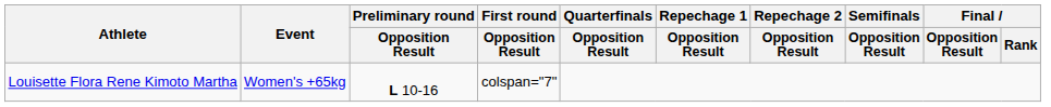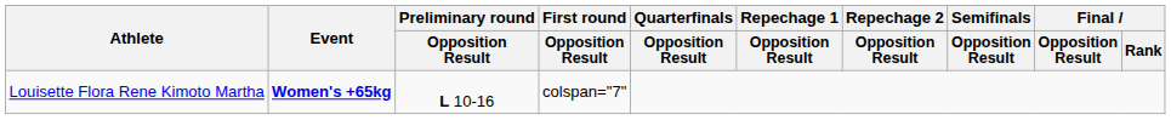 <table class="wikitable" style="font-size:90%;">
 <tr>
 <th rowspan=2>Athlete</th>
 <th rowspan=2>Event</th>
 <th>Preliminary round</th>
 <th>First round</th>
 <th>Quarterfinals</th>
 <th>Repechage 1</th>
 <th>Repechage 2</th>
 <th>Semifinals</th>
 <th colspan=2>Final / </th>
 </tr>
 <tr style="font-size:95%">
 <th>Opposition<br>Result</th>
 <th>Opposition<br>Result</th>
 <th>Opposition<br>Result</th>
 <th>Opposition<br>Result</th>
 <th>Opposition<br>Result</th>
 <th>Opposition<br>Result</th>
 <th>Opposition<br>Result</th>
 <th>Rank</th>
 </tr>
 <tr align=center>
 <td align=left><a href='#'>Louisette Flora Rene Kimoto Martha</a></td>
-<td align=left><a href='#'>Women's +65kg</a></td>
+<td align=left><strong><a href='#'>Women's +65kg</a></strong></td>
 <td><br><strong>L</strong> 10-16</td>
 <td>colspan="7" </td>
 </tr>
 </table>
